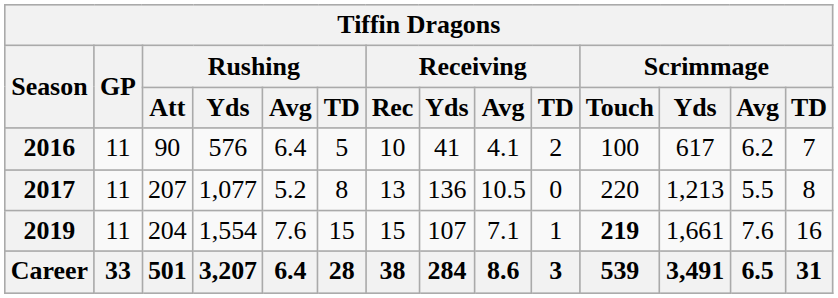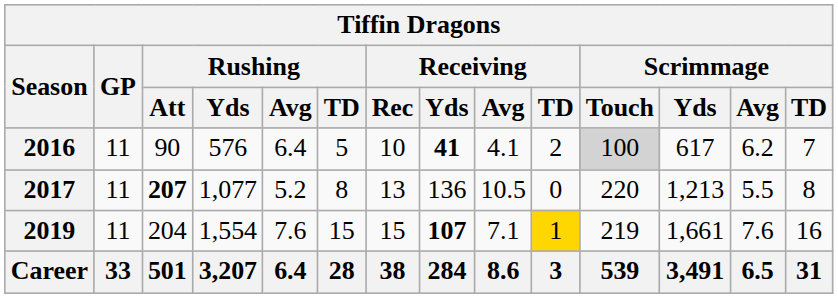 <table class="wikitable sortable" style="text-align:center;">
 <tr>
 <th colspan="15">Tiffin Dragons</th>
 </tr>
 <tr>
 <th rowspan="2">Season</th>
 <th rowspan="2">GP</th>
 <th colspan="4">Rushing</th>
 <th colspan="4">Receiving</th>
 <th colspan="4">Scrimmage</th>
 </tr>
 <tr>
 <th>Att</th>
 <th>Yds</th>
 <th>Avg</th>
 <th>TD</th>
 <th>Rec</th>
 <th>Yds</th>
 <th>Avg</th>
 <th>TD</th>
 <th>Touch</th>
 <th>Yds</th>
 <th>Avg</th>
 <th>TD</th>
 </tr>
 <tr>
 <th>2016</th>
 <td>11</td>
 <td>90</td>
 <td>576</td>
 <td>6.4</td>
 <td>5</td>
 <td>10</td>
-<td>41</td>
+<td><strong>41</strong></td>
 <td>4.1</td>
 <td>2</td>
-<td>100</td>
+<td style="background: lightgrey;">100</td>
 <td>617</td>
 <td>6.2</td>
 <td>7</td>
 </tr>
 <tr>
 <th>2017</th>
 <td>11</td>
-<td>207</td>
+<td><strong>207</strong></td>
 <td>1,077</td>
 <td>5.2</td>
 <td>8</td>
 <td>13</td>
 <td>136</td>
 <td>10.5</td>
 <td>0</td>
 <td>220</td>
 <td>1,213</td>
 <td>5.5</td>
 <td>8</td>
 </tr>
 <tr>
 <th>2019</th>
 <td>11</td>
 <td>204</td>
 <td>1,554</td>
 <td>7.6</td>
 <td>15</td>
 <td>15</td>
-<td>107</td>
+<td><strong>107</strong></td>
 <td>7.1</td>
-<td>1</td>
-<td><strong>219</strong></td>
+<td style="background: gold;">1</td>
+<td>219</td>
 <td>1,661</td>
 <td>7.6</td>
 <td>16</td>
 </tr>
 <tr>
 <th>Career</th>
 <th>33</th>
 <th>501</th>
 <th>3,207</th>
 <th>6.4</th>
 <th>28</th>
 <th>38</th>
 <th>284</th>
 <th>8.6</th>
 <th>3</th>
 <th>539</th>
 <th>3,491</th>
 <th>6.5</th>
 <th>31</th>
 </tr>
 </table>
